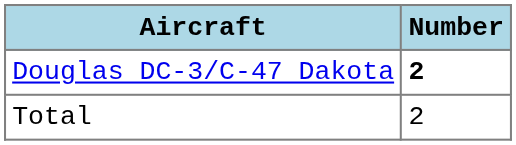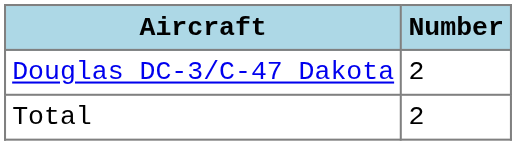 <table class="toccolours" border="1" cellpadding="3" style="border-collapse:collapse">
 <tr bgcolor=lightblue>
 <th>Aircraft</th>
 <th>Number</th>
 </tr>
 <tr>
 <td><a href='#'>Douglas DC-3/C-47 Dakota</a></td>
-<td><strong>2</strong></td>
+<td>2</td>
 </tr>
 <tr>
 <td>Total</td>
 <td>2</td>
 </tr>
 </table>
